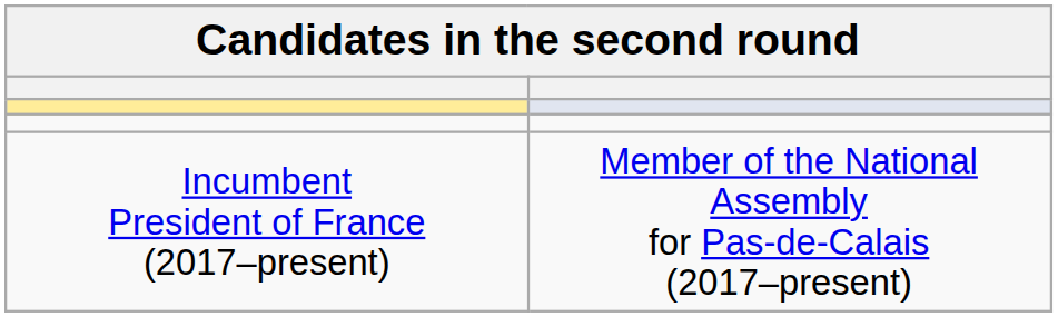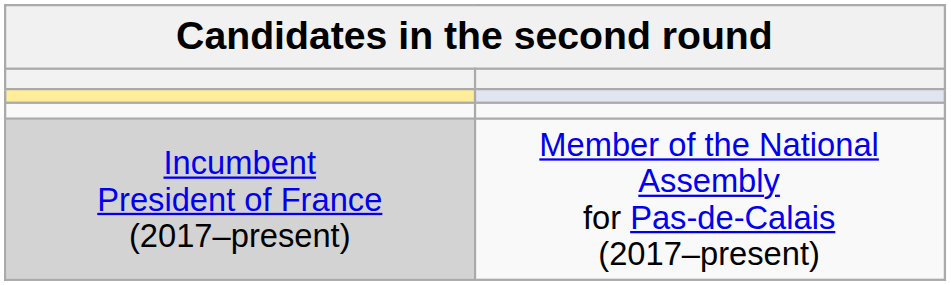 <table class="wikitable" style="font-size:90%; text-align:center">
 <tr>
 <td colspan="2" style="background:#f1f1f1;"><big><strong>Candidates in the second round</strong></big></td>
 </tr>
 <tr>
 <th style="width:3em; font-size:135%; background:"></th>
 <th style="width:3em; font-size:135%; background:"></th>
 </tr>
 <tr style="color:#000; font-size:100%; background:lightsteelblue;">
 <td style="width:3em; width:200px; background:#FFED99;"><strong><em></em></strong></td>
 <td style="width:3em; width:200px; background:#E0E5F0;"><strong><em></em></strong></td>
 </tr>
 <tr>
 <td></td>
 <td></td>
 </tr>
 <tr>
-<td><a href='#'>Incumbent</a><br><a href='#'>President of France</a><br>(2017–present)</td>
+<td style="background: lightgrey;"><a href='#'>Incumbent</a><br><a href='#'>President of France</a><br>(2017–present)</td>
 <td><a href='#'>Member of the National Assembly</a><br>for <a href='#'>Pas-de-Calais</a><br>(2017–present)</td>
 </tr>
 </table>
